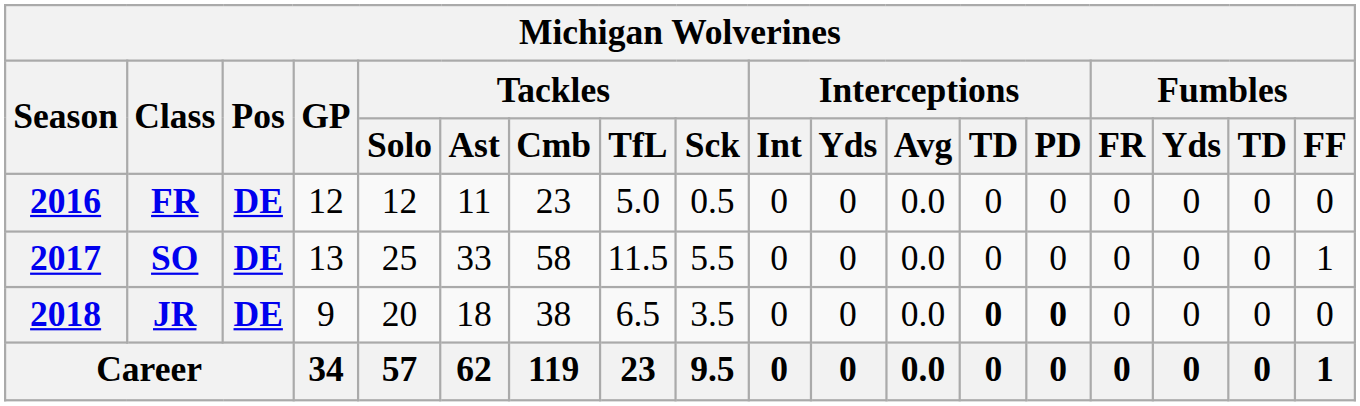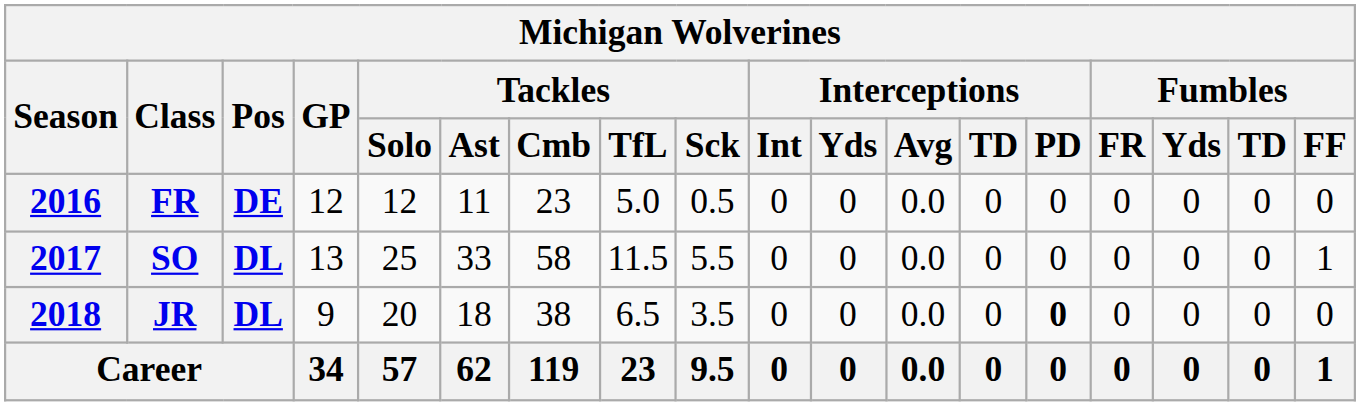 <table class="wikitable" style="text-align:center;">
 <tr>
 <th colspan="18">Michigan Wolverines</th>
 </tr>
 <tr>
 <th rowspan="2">Season</th>
 <th rowspan="2">Class</th>
 <th rowspan="2">Pos</th>
 <th rowspan="2">GP</th>
 <th colspan="5">Tackles</th>
 <th colspan="5">Interceptions</th>
 <th colspan="4">Fumbles</th>
 </tr>
 <tr>
 <th>Solo</th>
 <th>Ast</th>
 <th>Cmb</th>
 <th>TfL</th>
 <th>Sck</th>
 <th>Int</th>
 <th>Yds</th>
 <th>Avg</th>
 <th>TD</th>
 <th>PD</th>
 <th>FR</th>
 <th>Yds</th>
 <th>TD</th>
 <th>FF</th>
 </tr>
 <tr>
 <th><a href='#'>2016</a></th>
 <th><a href='#'>FR</a></th>
 <th><a href='#'>DE</a></th>
 <td>12</td>
 <td>12</td>
 <td>11</td>
 <td>23</td>
 <td>5.0</td>
 <td>0.5</td>
 <td>0</td>
 <td>0</td>
 <td>0.0</td>
 <td>0</td>
 <td>0</td>
 <td>0</td>
 <td>0</td>
 <td>0</td>
 <td>0</td>
 </tr>
 <tr>
 <th><a href='#'>2017</a></th>
 <th><a href='#'>SO</a></th>
-<th><a href='#'>DE</a></th>
+<th><a href='#'>DL</a></th>
 <td>13</td>
 <td>25</td>
 <td>33</td>
 <td>58</td>
 <td>11.5</td>
 <td>5.5</td>
 <td>0</td>
 <td>0</td>
 <td>0.0</td>
 <td>0</td>
 <td>0</td>
 <td>0</td>
 <td>0</td>
 <td>0</td>
 <td>1</td>
 </tr>
 <tr>
 <th><a href='#'>2018</a></th>
 <th><a href='#'>JR</a></th>
-<th><a href='#'>DE</a></th>
+<th><a href='#'>DL</a></th>
 <td>9</td>
 <td>20</td>
 <td>18</td>
 <td>38</td>
 <td>6.5</td>
 <td>3.5</td>
 <td>0</td>
 <td>0</td>
 <td>0.0</td>
-<td><strong>0</strong></td>
+<td>0</td>
 <td><strong>0</strong></td>
 <td>0</td>
 <td>0</td>
 <td>0</td>
 <td>0</td>
 </tr>
 <tr>
 <th colspan="3">Career</th>
 <th>34</th>
 <th>57</th>
 <th>62</th>
 <th>119</th>
 <th>23</th>
 <th>9.5</th>
 <th>0</th>
 <th>0</th>
 <th>0.0</th>
 <th>0</th>
 <th>0</th>
 <th>0</th>
 <th>0</th>
 <th>0</th>
 <th>1</th>
 </tr>
 </table>
